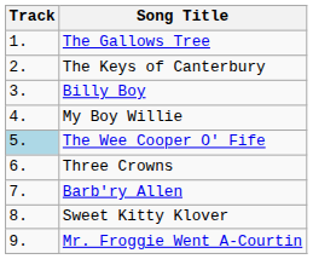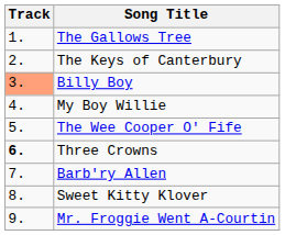 <table class="wikitable" style="font-size:95%;">
 <tr>
 <th>Track</th>
 <th>Song Title</th>
 </tr>
 <tr>
 <td>1.</td>
 <td><a href='#'>The Gallows Tree</a></td>
 </tr>
 <tr>
 <td>2.</td>
 <td>The Keys of Canterbury</td>
 </tr>
 <tr>
-<td>3.</td>
+<td style="background: lightsalmon;">3.</td>
 <td><a href='#'>Billy Boy</a></td>
 </tr>
 <tr>
 <td>4.</td>
 <td>My Boy Willie</td>
 </tr>
 <tr>
-<td style="background: lightblue;">5.</td>
+<td>5.</td>
 <td><a href='#'>The Wee Cooper O' Fife</a></td>
 </tr>
 <tr>
-<td>6.</td>
+<td><strong>6.</strong></td>
 <td>Three Crowns</td>
 </tr>
 <tr>
 <td>7.</td>
 <td><a href='#'>Barb'ry Allen</a></td>
 </tr>
 <tr>
 <td>8.</td>
 <td>Sweet Kitty Klover</td>
 </tr>
 <tr>
 <td>9.</td>
 <td><a href='#'>Mr. Froggie Went A-Courtin</a></td>
 </tr>
 <tr>
 </tr>
 </table>
